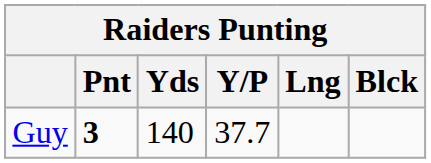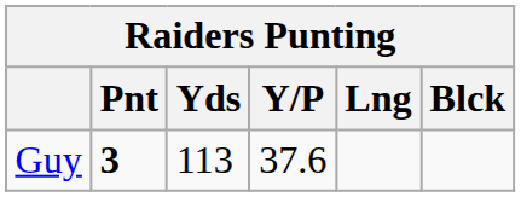 <table class="wikitable">
 <tr>
 <th colspan="6">Raiders Punting</th>
 </tr>
 <tr>
 <th></th>
 <th>Pnt</th>
 <th>Yds</th>
 <th>Y/P</th>
 <th>Lng</th>
 <th>Blck</th>
 </tr>
 <tr>
 <td><a href='#'>Guy</a></td>
 <td><strong>3</strong></td>
-<td>140</td>
-<td>37.7</td>
+<td>113</td>
+<td>37.6</td>
 <td></td>
 <td></td>
 </tr>
 </table>
